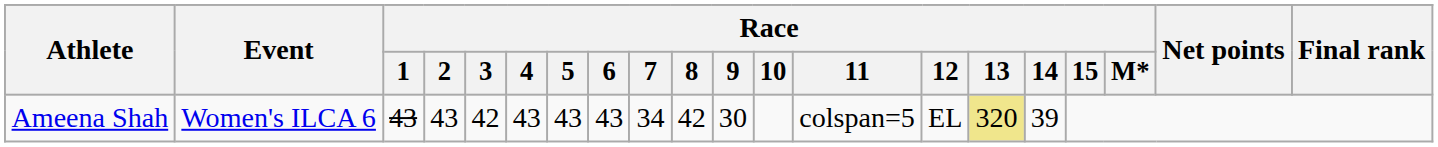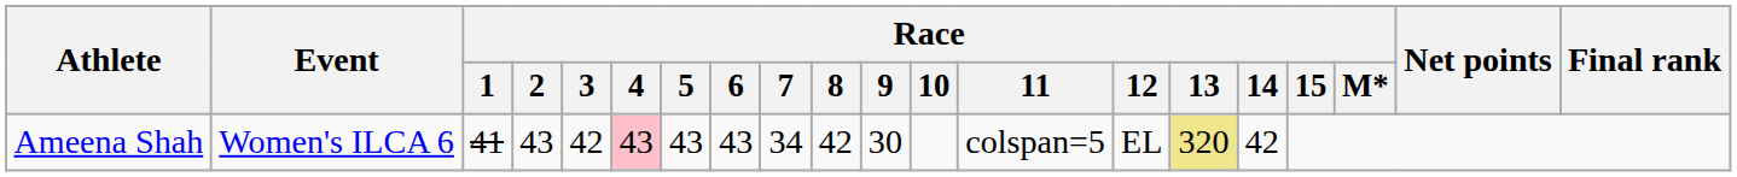 <table class="wikitable" style="font-size:90%">
 <tr>
 <th rowspan="2">Athlete</th>
 <th rowspan="2">Event</th>
 <th colspan=16>Race</th>
 <th rowspan=2>Net points</th>
 <th rowspan=2>Final rank</th>
 </tr>
 <tr style="font-size:95%">
 <th>1</th>
 <th>2</th>
 <th>3</th>
 <th>4</th>
 <th>5</th>
 <th>6</th>
 <th>7</th>
 <th>8</th>
 <th>9</th>
 <th>10</th>
 <th>11</th>
 <th>12</th>
 <th>13</th>
 <th>14</th>
 <th>15</th>
 <th>M*</th>
 </tr>
 <tr align=center>
 <td align=left><a href='#'>Ameena Shah</a></td>
 <td align=left><a href='#'>Women's ILCA 6</a></td>
-<td><s>43</s></td>
+<td><s>41</s></td>
 <td>43</td>
 <td>42</td>
-<td>43</td>
+<td style="background: pink;">43</td>
 <td>43</td>
 <td>43</td>
 <td>34</td>
 <td>42</td>
 <td>30</td>
 <td></td>
 <td>colspan=5 </td>
 <td>EL</td>
 <td style="background: khaki;">320</td>
-<td>39</td>
+<td>42</td>
 </tr>
 </table>
